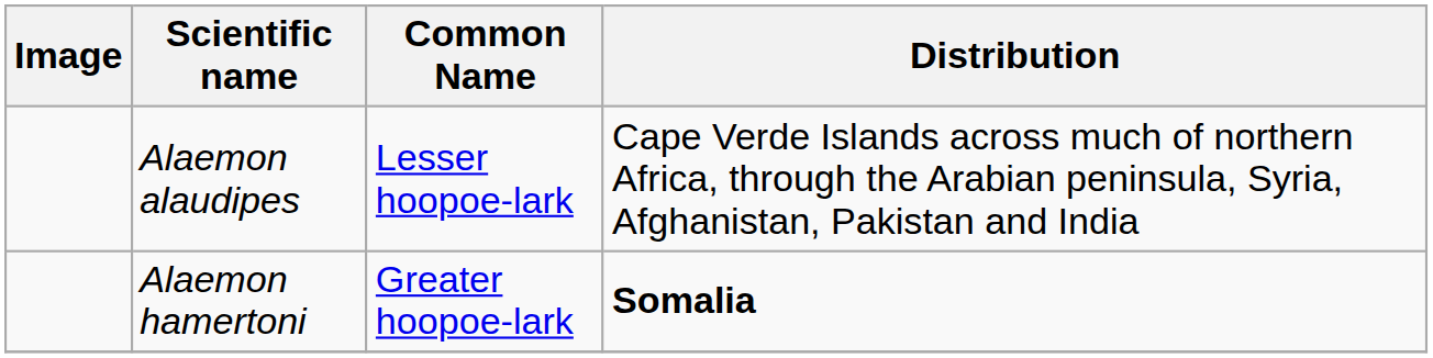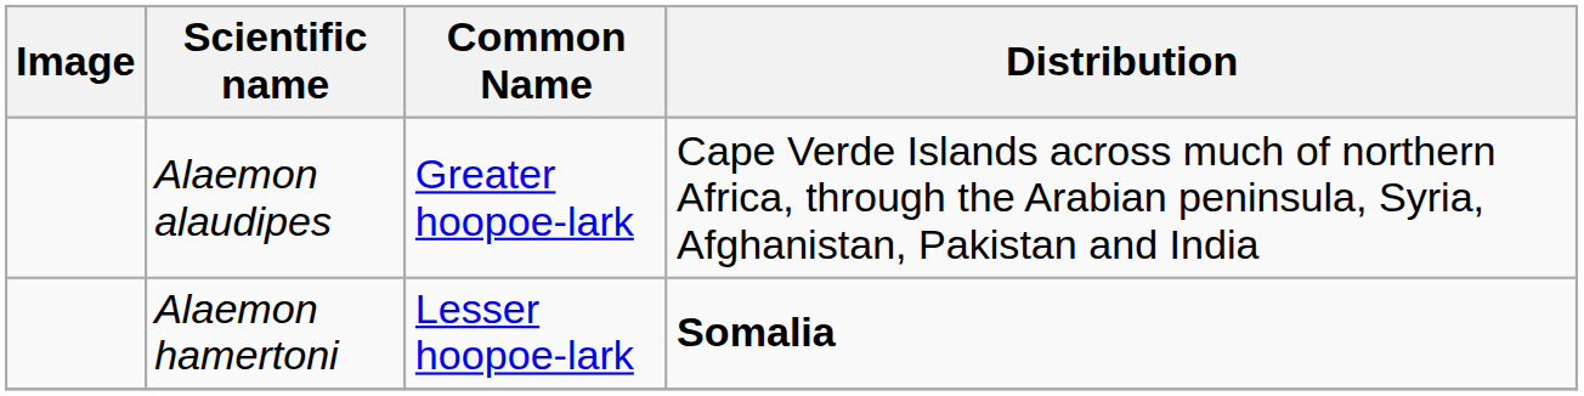 <table class="wikitable">
 <tr>
 <th>Image</th>
 <th>Scientific name</th>
 <th>Common Name</th>
 <th>Distribution</th>
 </tr>
 <tr>
 <td></td>
 <td><em>Alaemon alaudipes</em></td>
-<td><a href='#'>Lesser hoopoe-lark</a></td>
+<td><a href='#'>Greater hoopoe-lark</a></td>
 <td>Cape Verde Islands across much of northern Africa, through the Arabian peninsula, Syria, Afghanistan, Pakistan and India</td>
 </tr>
 <tr>
 <td></td>
 <td><em>Alaemon hamertoni</em></td>
-<td><a href='#'>Greater hoopoe-lark</a></td>
+<td><a href='#'>Lesser hoopoe-lark</a></td>
 <td><strong>Somalia</strong></td>
 </tr>
 <tr>
 </tr>
 </table>
